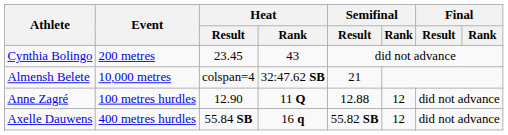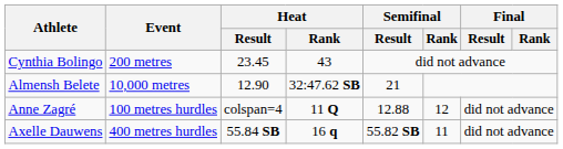 <table class="wikitable" style="font-size:90%">
 <tr>
 <th rowspan="2">Athlete</th>
 <th rowspan="2">Event</th>
 <th colspan="2">Heat</th>
 <th colspan="2">Semifinal</th>
 <th colspan="2">Final</th>
 </tr>
 <tr style="font-size:95%">
 <th>Result</th>
 <th>Rank</th>
 <th>Result</th>
 <th>Rank</th>
 <th>Result</th>
 <th>Rank</th>
 </tr>
 <tr style=text-align:center>
 <td style=text-align:left><a href='#'>Cynthia Bolingo</a></td>
 <td style=text-align:left><a href='#'>200 metres</a></td>
 <td>23.45</td>
 <td>43</td>
 <td colspan="4">did not advance</td>
 </tr>
 <tr style=text-align:center>
 <td style=text-align:left><a href='#'>Almensh Belete</a></td>
 <td style=text-align:left><a href='#'>10,000 metres</a></td>
-<td>colspan=4 </td>
+<td>12.90</td>
 <td>32:47.62 <strong>SB</strong></td>
 <td>21</td>
 </tr>
 <tr style=text-align:center>
 <td style=text-align:left><a href='#'>Anne Zagré</a></td>
 <td style=text-align:left><a href='#'>100 metres hurdles</a></td>
-<td>12.90</td>
+<td>colspan=4 </td>
 <td>11 <strong>Q</strong></td>
 <td>12.88</td>
 <td>12</td>
 <td colspan="2">did not advance</td>
 </tr>
 <tr style=text-align:center>
 <td style=text-align:left><a href='#'>Axelle Dauwens</a></td>
 <td style=text-align:left><a href='#'>400 metres hurdles</a></td>
 <td>55.84 <strong>SB</strong></td>
 <td>16 <strong>q</strong></td>
 <td>55.82 <strong>SB</strong></td>
-<td>12</td>
+<td>11</td>
 <td colspan="2">did not advance</td>
 </tr>
 </table>
